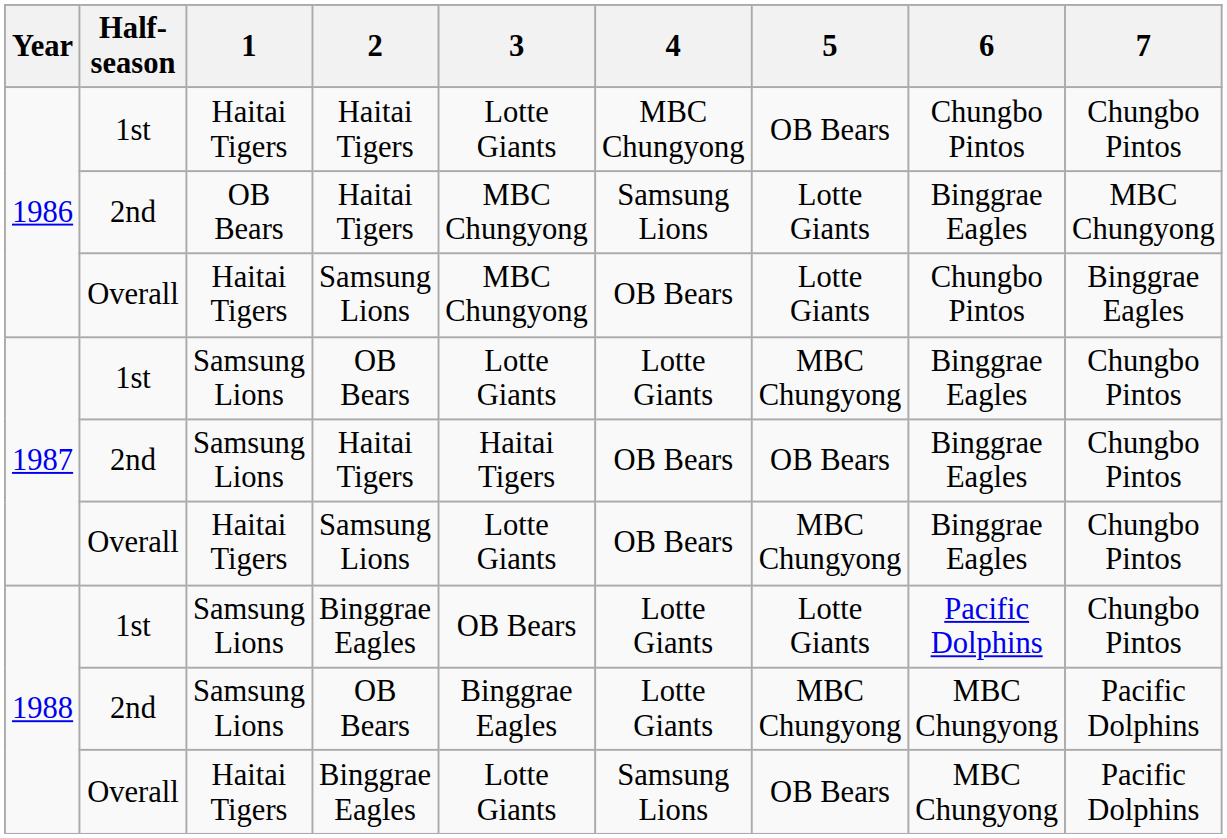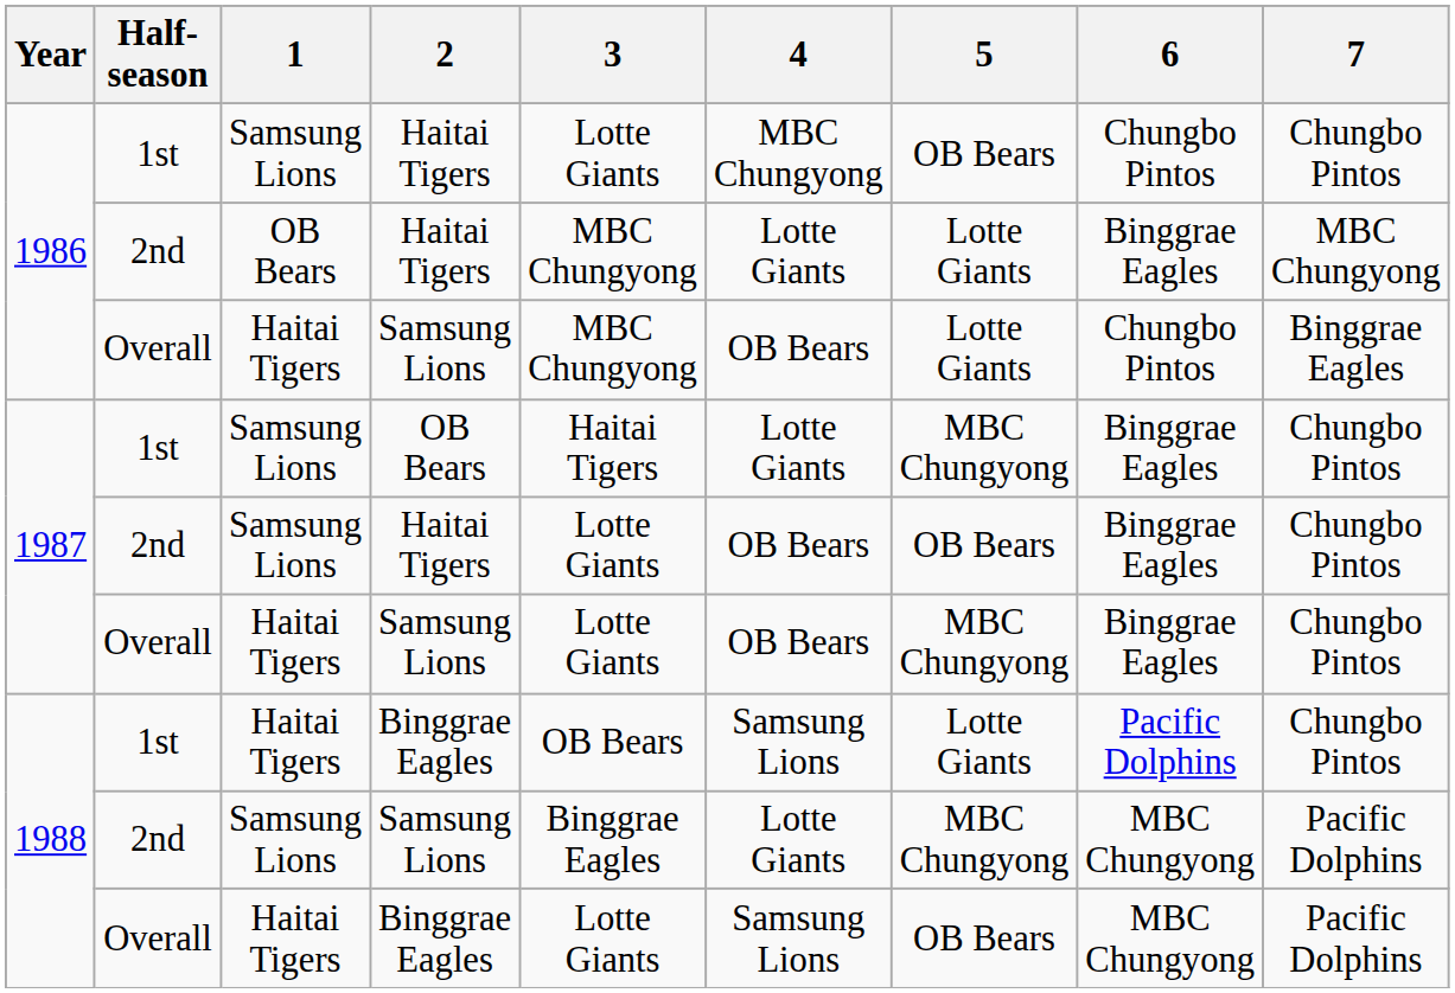 <table class="wikitable" width="100%" style="text-align:center;">
 <tr>
 <th width="5%">Year</th>
 <th>Half-season</th>
 <th>1</th>
 <th>2</th>
 <th>3</th>
 <th>4</th>
 <th>5</th>
 <th>6</th>
 <th>7</th>
 </tr>
 <tr>
 <td rowspan = 3><a href='#'>1986</a></td>
 <td>1st</td>
-<td>Haitai Tigers</td>
+<td>Samsung Lions</td>
 <td>Haitai Tigers</td>
 <td>Lotte Giants</td>
 <td>MBC Chungyong</td>
 <td>OB Bears</td>
 <td>Chungbo Pintos</td>
 <td>Chungbo Pintos</td>
 </tr>
 <tr>
 <td>2nd</td>
 <td>OB Bears</td>
 <td>Haitai Tigers</td>
 <td>MBC Chungyong</td>
-<td>Samsung Lions</td>
+<td>Lotte Giants</td>
 <td>Lotte Giants</td>
 <td>Binggrae Eagles</td>
 <td>MBC Chungyong</td>
 </tr>
 <tr>
 <td>Overall</td>
 <td>Haitai Tigers</td>
 <td>Samsung Lions</td>
 <td>MBC Chungyong</td>
 <td>OB Bears</td>
 <td>Lotte Giants</td>
 <td>Chungbo Pintos</td>
 <td>Binggrae Eagles</td>
 </tr>
 <tr>
 <td rowspan = 3><a href='#'>1987</a></td>
 <td>1st</td>
 <td>Samsung Lions</td>
 <td>OB Bears</td>
-<td>Lotte Giants</td>
+<td>Haitai Tigers</td>
 <td>Lotte Giants</td>
 <td>MBC Chungyong</td>
 <td>Binggrae Eagles</td>
 <td>Chungbo Pintos</td>
 </tr>
 <tr>
 <td>2nd</td>
 <td>Samsung Lions</td>
 <td>Haitai Tigers</td>
-<td>Haitai Tigers</td>
+<td>Lotte Giants</td>
 <td>OB Bears</td>
 <td>OB Bears</td>
 <td>Binggrae Eagles</td>
 <td>Chungbo Pintos</td>
 </tr>
 <tr>
 <td>Overall</td>
 <td>Haitai Tigers</td>
 <td>Samsung Lions</td>
 <td>Lotte Giants</td>
 <td>OB Bears</td>
 <td>MBC Chungyong</td>
 <td>Binggrae Eagles</td>
 <td>Chungbo Pintos</td>
 </tr>
 <tr>
 <td rowspan = 3><a href='#'>1988</a></td>
 <td>1st</td>
-<td>Samsung Lions</td>
+<td>Haitai Tigers</td>
 <td>Binggrae Eagles</td>
 <td>OB Bears</td>
-<td>Lotte Giants</td>
+<td>Samsung Lions</td>
 <td>Lotte Giants</td>
 <td><a href='#'>Pacific Dolphins</a></td>
 <td>Chungbo Pintos</td>
 </tr>
 <tr>
 <td>2nd</td>
 <td>Samsung Lions</td>
-<td>OB Bears</td>
+<td>Samsung Lions</td>
 <td>Binggrae Eagles</td>
 <td>Lotte Giants</td>
 <td>MBC Chungyong</td>
 <td>MBC Chungyong</td>
 <td>Pacific Dolphins</td>
 </tr>
 <tr>
 <td>Overall</td>
 <td>Haitai Tigers</td>
 <td>Binggrae Eagles</td>
 <td>Lotte Giants</td>
 <td>Samsung Lions</td>
 <td>OB Bears</td>
 <td>MBC Chungyong</td>
 <td>Pacific Dolphins</td>
 </tr>
 </table>
